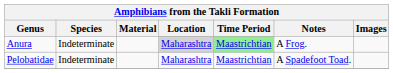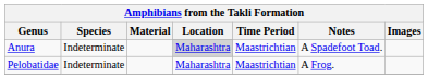 <table class="wikitable" align="center">
 <tr>
 <th colspan="7" align="center"><strong><a href='#'>Amphibians</a> from the Takli Formation</strong></th>
 </tr>
 <tr>
 <th>Genus</th>
 <th>Species</th>
 <th>Material</th>
 <th>Location</th>
 <th>Time Period</th>
 <th>Notes</th>
 <th>Images</th>
 </tr>
 <tr>
 <td><a href='#'>Anura</a></td>
 <td>Indeterminate</td>
 <td></td>
 <td style="background: lightgrey;"><a href='#'>Maharashtra</a></td>
-<td style="background: lightgreen;"><a href='#'>Maastrichtian</a></td>
-<td>A <a href='#'>Frog</a>.</td>
+<td><a href='#'>Maastrichtian</a></td>
+<td>A <a href='#'>Spadefoot Toad</a>.</td>
 <td></td>
 </tr>
 <tr>
 <td><a href='#'>Pelobatidae</a></td>
 <td>Indeterminate</td>
 <td></td>
 <td><a href='#'>Maharashtra</a></td>
 <td><a href='#'>Maastrichtian</a></td>
-<td>A <a href='#'>Spadefoot Toad</a>.</td>
+<td>A <a href='#'>Frog</a>.</td>
 <td></td>
 </tr>
 <tr>
 </tr>
 </table>
